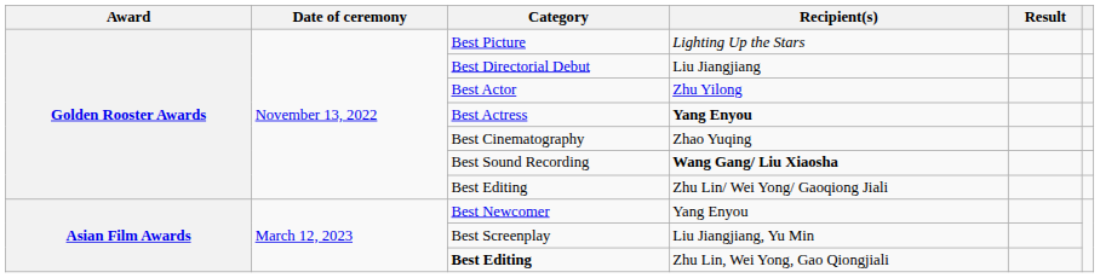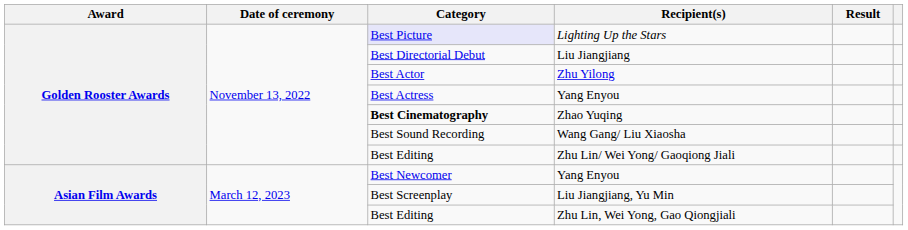 <table class="wikitable sortable plainrowheaders" style="width: 90%;">
 <tr>
 <th scope="col">Award</th>
 <th scope="col">Date of ceremony</th>
 <th scope="col">Category</th>
 <th scope="col">Recipient(s)</th>
 <th scope="col">Result</th>
 <th scope="col" class="unsortable"></th>
 </tr>
 <tr>
 <th rowspan="7" scope="row"><a href='#'>Golden Rooster Awards</a></th>
 <td rowspan="7"><a href='#'>November 13, 2022</a></td>
-<td><a href='#'>Best Picture</a></td>
+<td style="background: lavender;"><a href='#'>Best Picture</a></td>
 <td><em>Lighting Up the Stars</em></td>
 <td></td>
 <td></td>
 </tr>
 <tr>
 <td><a href='#'>Best Directorial Debut</a></td>
 <td>Liu Jiangjiang</td>
 <td></td>
 <td></td>
 </tr>
 <tr>
 <td><a href='#'>Best Actor</a></td>
 <td><a href='#'>Zhu Yilong</a></td>
 <td></td>
 <td></td>
 </tr>
 <tr>
 <td><a href='#'>Best Actress</a></td>
-<td><strong>Yang Enyou</strong></td>
+<td>Yang Enyou</td>
 <td></td>
 <td></td>
 </tr>
 <tr>
-<td>Best Cinematography</td>
+<td><strong>Best Cinematography</strong></td>
 <td>Zhao Yuqing</td>
 <td></td>
 <td></td>
 </tr>
 <tr>
 <td>Best Sound Recording</td>
-<td><strong>Wang Gang/ Liu Xiaosha</strong></td>
+<td>Wang Gang/ Liu Xiaosha</td>
 <td></td>
 <td></td>
 </tr>
 <tr>
 <td>Best Editing</td>
 <td>Zhu Lin/ Wei Yong/ Gaoqiong Jiali</td>
 <td></td>
 <td></td>
 </tr>
 <tr>
 <th rowspan="3" scope="row"><a href='#'>Asian Film Awards</a></th>
 <td rowspan="3"><a href='#'>March 12, 2023</a></td>
 <td><a href='#'>Best Newcomer</a></td>
 <td>Yang Enyou</td>
 <td></td>
 <td rowspan="3"></td>
 </tr>
 <tr>
 <td>Best Screenplay</td>
 <td>Liu Jiangjiang, Yu Min</td>
 <td></td>
 </tr>
 <tr>
-<td><strong>Best Editing</strong></td>
+<td>Best Editing</td>
 <td>Zhu Lin, Wei Yong, Gao Qiongjiali</td>
 <td></td>
 </tr>
 </table>
